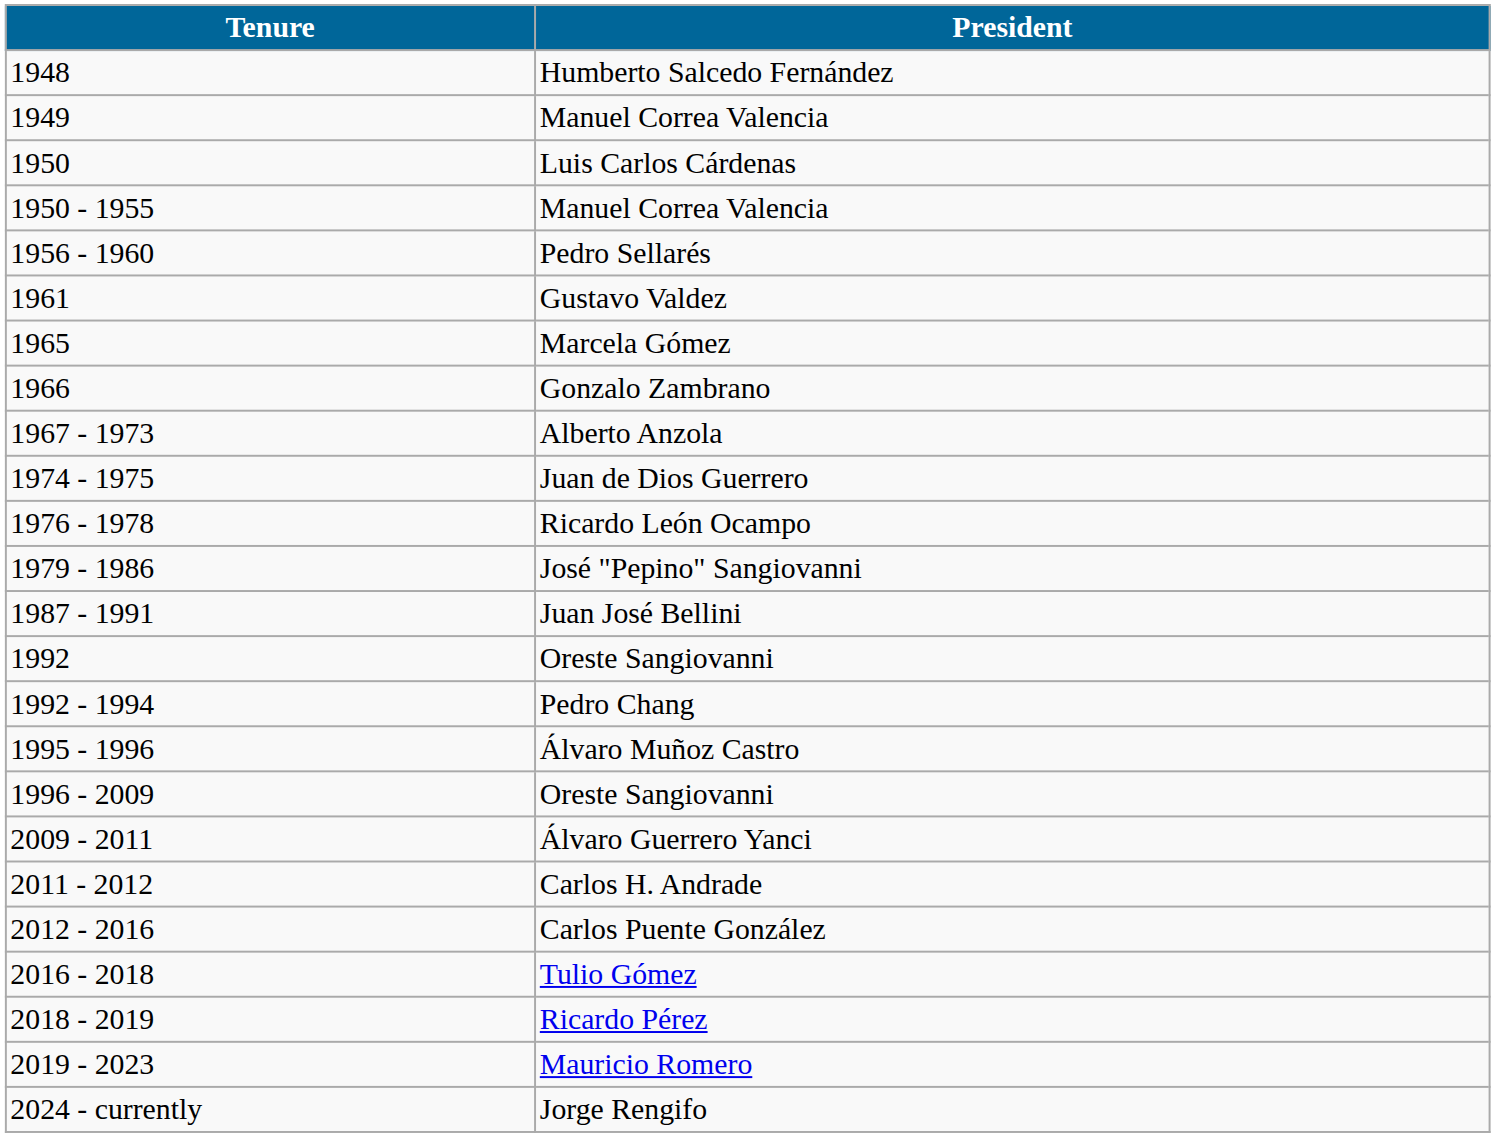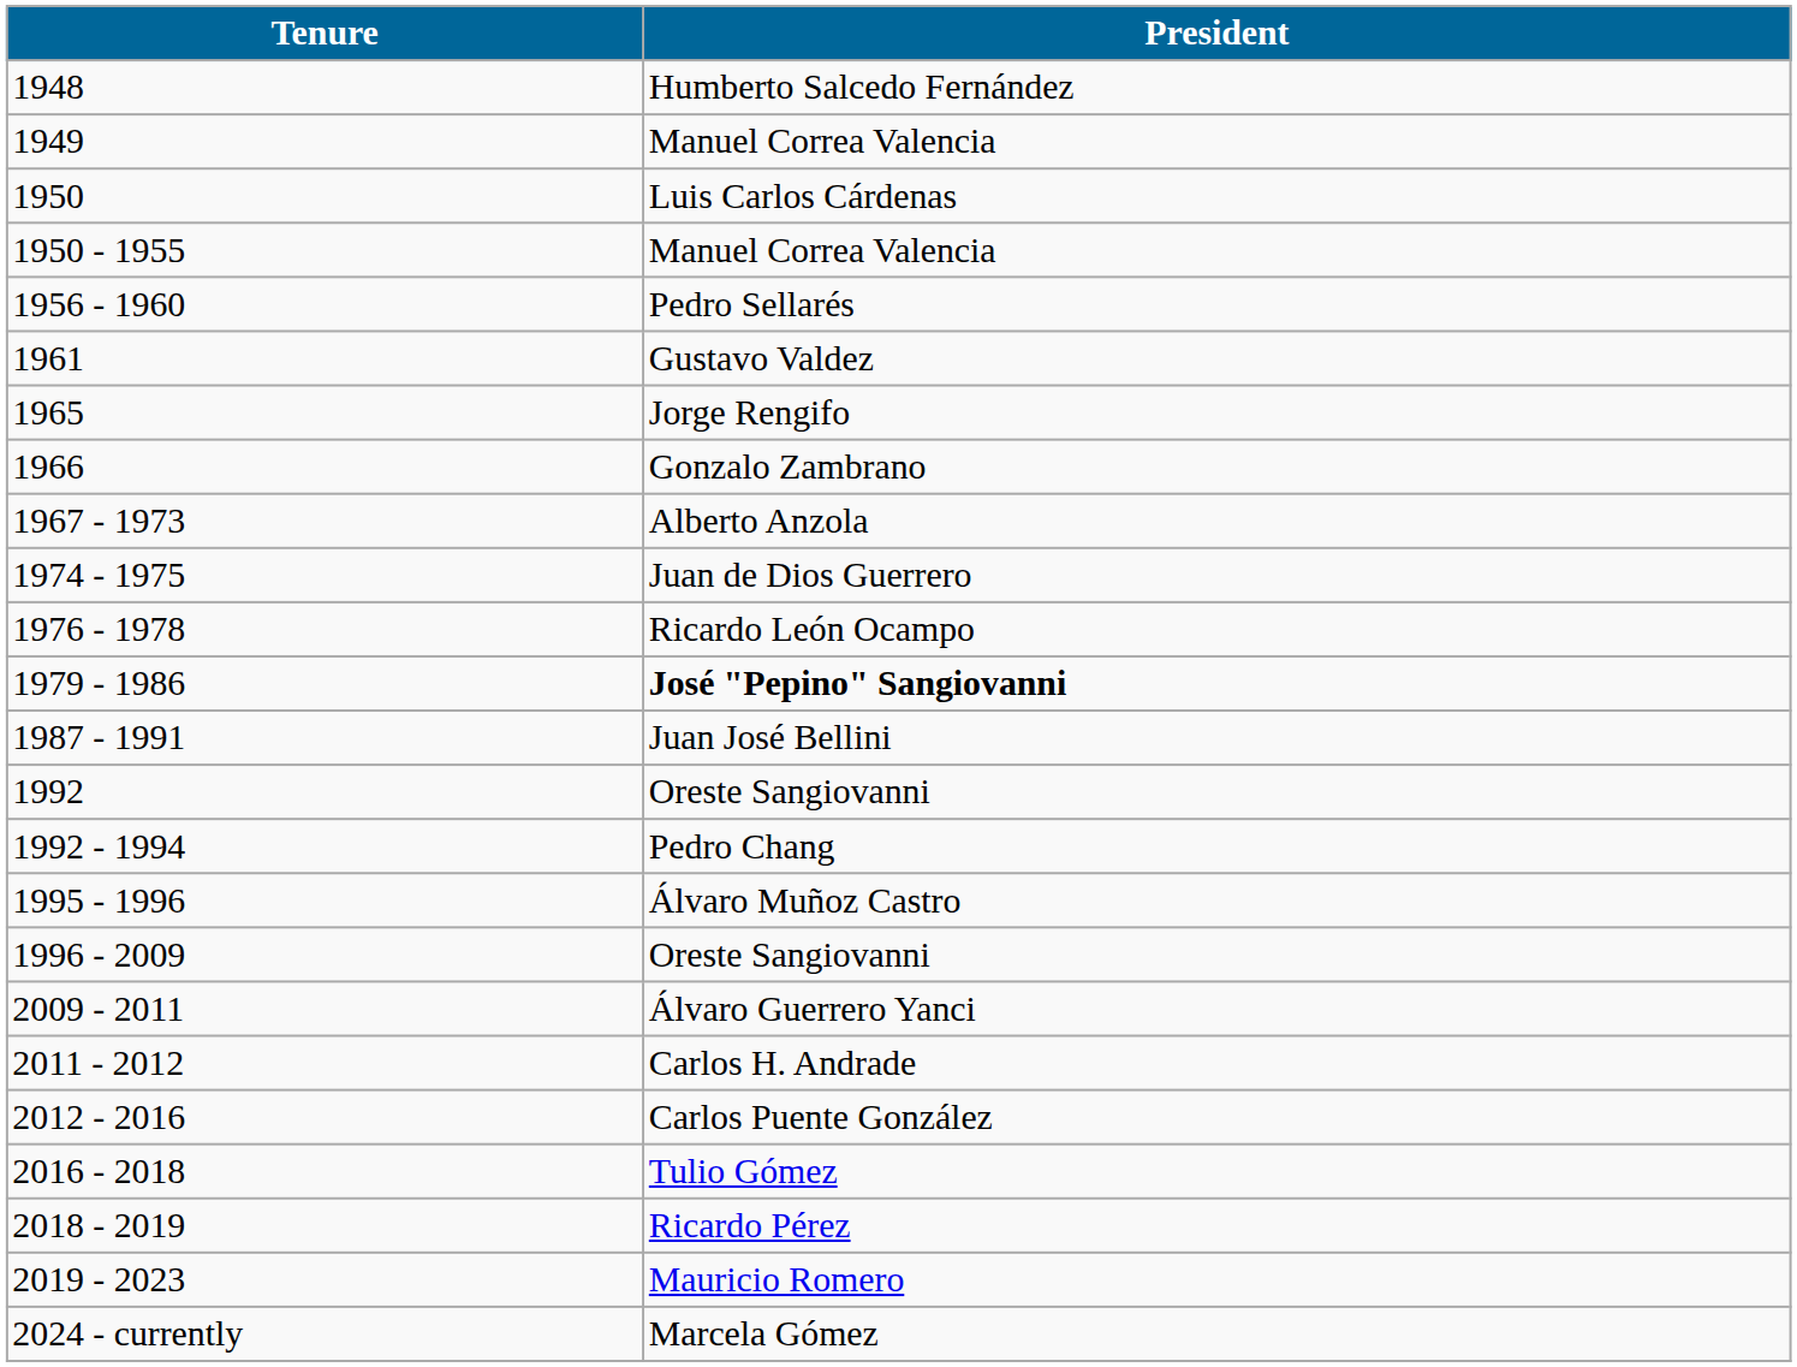 <table align=center border=1 width=60% cellpadding="2" cellspacing="0" style="background: #f9f9f9; border: 1px #aaa solid; border-collapse: collapse; font-size: 95%;" width=60%>
 <tr bgcolor=#006699 bgcolor="Darkred" style="color:white; border: 1px #aaa solid;">
 <th>Tenure</th>
 <th>President</th>
 </tr>
 <tr>
 <td>1948</td>
 <td>Humberto Salcedo Fernández</td>
 </tr>
 <tr>
 <td>1949</td>
 <td>Manuel Correa Valencia</td>
 </tr>
 <tr>
 <td>1950</td>
 <td>Luis Carlos Cárdenas</td>
 </tr>
 <tr>
 <td>1950 - 1955</td>
 <td>Manuel Correa Valencia</td>
 </tr>
 <tr>
 <td>1956 - 1960</td>
 <td>Pedro Sellarés</td>
 </tr>
 <tr>
 <td>1961</td>
 <td>Gustavo Valdez</td>
 </tr>
 <tr>
 <td>1965</td>
-<td>Marcela Gómez</td>
+<td>Jorge Rengifo</td>
 </tr>
 <tr>
 <td>1966</td>
 <td>Gonzalo Zambrano</td>
 </tr>
 <tr>
 <td>1967 - 1973</td>
 <td>Alberto Anzola</td>
 </tr>
 <tr>
 <td>1974 - 1975</td>
 <td>Juan de Dios Guerrero</td>
 </tr>
 <tr>
 <td>1976 - 1978</td>
 <td>Ricardo León Ocampo</td>
 </tr>
 <tr>
 <td>1979 - 1986</td>
-<td>José "Pepino" Sangiovanni</td>
+<td><strong>José "Pepino" Sangiovanni</strong></td>
 </tr>
 <tr>
 <td>1987 - 1991</td>
 <td>Juan José Bellini</td>
 </tr>
 <tr>
 <td>1992</td>
 <td>Oreste Sangiovanni</td>
 </tr>
 <tr>
 <td>1992 - 1994</td>
 <td>Pedro Chang</td>
 </tr>
 <tr>
 <td>1995 - 1996</td>
 <td>Álvaro Muñoz Castro</td>
 </tr>
 <tr>
 <td>1996 - 2009</td>
 <td>Oreste Sangiovanni</td>
 </tr>
 <tr>
 <td>2009 - 2011</td>
 <td>Álvaro Guerrero Yanci</td>
 </tr>
 <tr>
 <td>2011 - 2012</td>
 <td>Carlos H. Andrade</td>
 </tr>
 <tr>
 <td>2012 - 2016</td>
 <td>Carlos Puente González</td>
 </tr>
 <tr>
 <td>2016 - 2018</td>
 <td><a href='#'>Tulio Gómez</a></td>
 </tr>
 <tr>
 <td>2018 - 2019</td>
 <td><a href='#'>Ricardo Pérez</a></td>
 </tr>
 <tr>
 <td>2019 - 2023</td>
 <td><a href='#'>Mauricio Romero</a></td>
 </tr>
 <tr>
 <td>2024 - currently</td>
-<td>Jorge Rengifo</td>
+<td>Marcela Gómez</td>
 </tr>
 </table>
